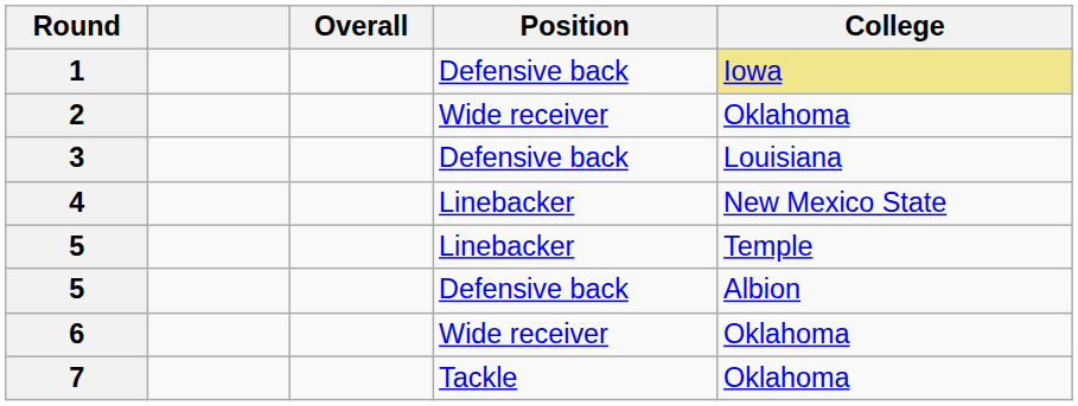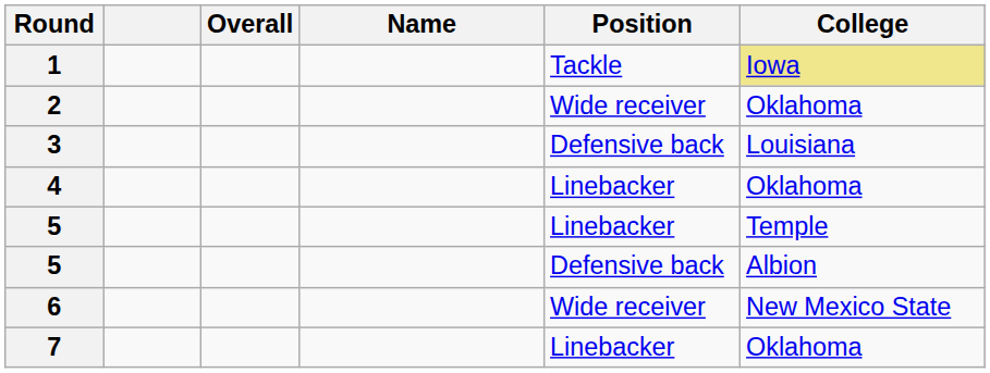 <table class="wikitable sortable">
 <tr>
 <th scope="col" style="width: 10%;">Round</th>
 <th scope="col" style="width: 10%;"></th>
 <th scope="col" style="width: 10%;">Overall</th>
+<th scope="col" style="width: 25%;">Name</th>
 <th scope="col" style="width: 20%;">Position</th>
 <th scope="col" style="width: 25%;">College</th>
 </tr>
 <tr>
 <th scope="row">1</th>
 <td></td>
 <td></td>
-<td><a href='#'>Defensive back</a></td>
+<td></td>
+<td><a href='#'>Tackle</a></td>
 <td style="background: khaki;"><a href='#'>Iowa</a></td>
 </tr>
 <tr>
 <th scope="row">2</th>
+<td></td>
 <td></td>
 <td></td>
 <td><a href='#'>Wide receiver</a></td>
 <td><a href='#'>Oklahoma</a></td>
 </tr>
 <tr>
 <th scope="row">3</th>
 <td></td>
 <td></td>
+<td></td>
 <td><a href='#'>Defensive back</a></td>
 <td><a href='#'>Louisiana</a></td>
 </tr>
 <tr>
 <th scope="row">4</th>
 <td></td>
 <td></td>
+<td></td>
 <td><a href='#'>Linebacker</a></td>
-<td><a href='#'>New Mexico State</a></td>
+<td><a href='#'>Oklahoma</a></td>
 </tr>
 <tr>
 <th scope="row">5</th>
+<td></td>
 <td></td>
 <td></td>
 <td><a href='#'>Linebacker</a></td>
 <td><a href='#'>Temple</a></td>
 </tr>
 <tr>
 <th scope="row">5</th>
 <td></td>
 <td></td>
+<td></td>
 <td><a href='#'>Defensive back</a></td>
 <td><a href='#'>Albion</a></td>
 </tr>
 <tr>
 <th scope="row">6</th>
 <td></td>
 <td></td>
+<td></td>
 <td><a href='#'>Wide receiver</a></td>
-<td><a href='#'>Oklahoma</a></td>
+<td><a href='#'>New Mexico State</a></td>
 </tr>
 <tr>
 <th scope="row">7</th>
 <td></td>
 <td></td>
-<td><a href='#'>Tackle</a></td>
+<td></td>
+<td><a href='#'>Linebacker</a></td>
 <td><a href='#'>Oklahoma</a></td>
 </tr>
 </table>
